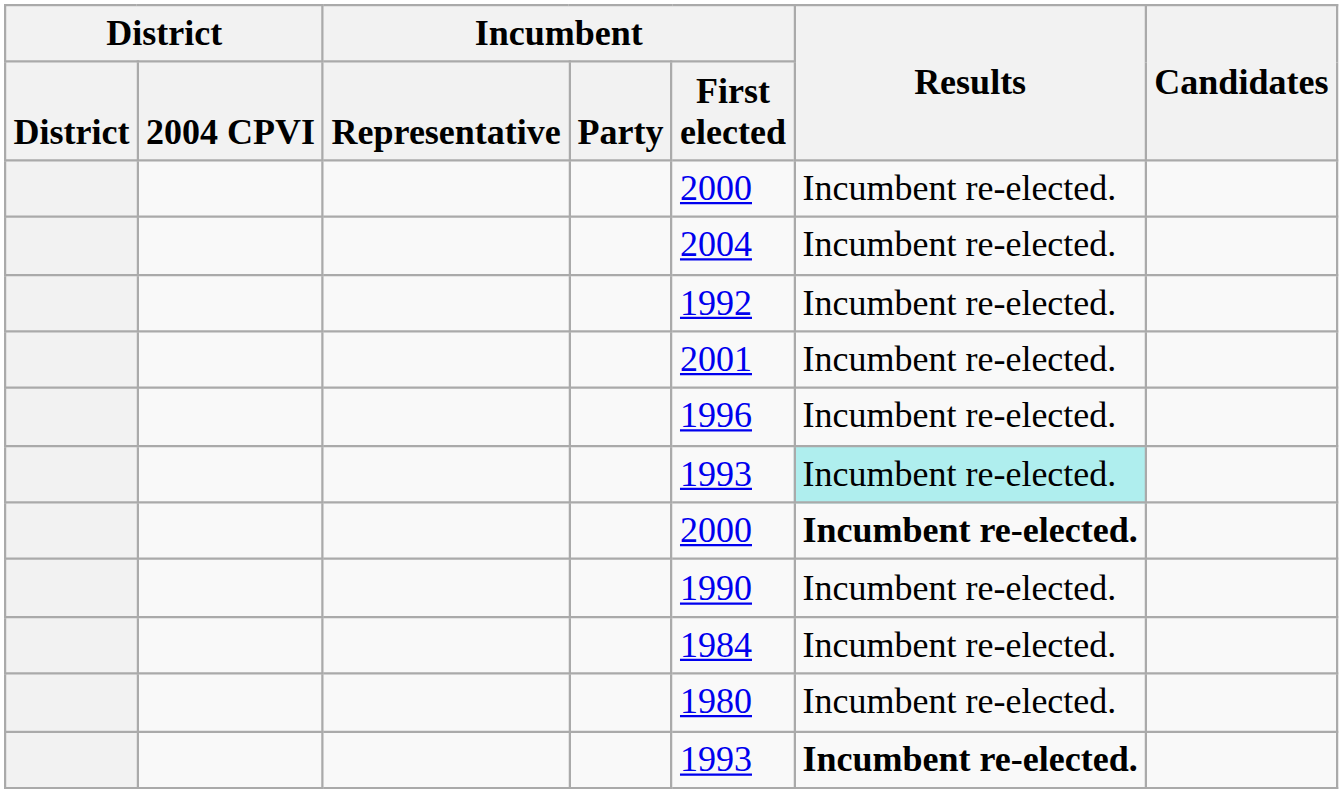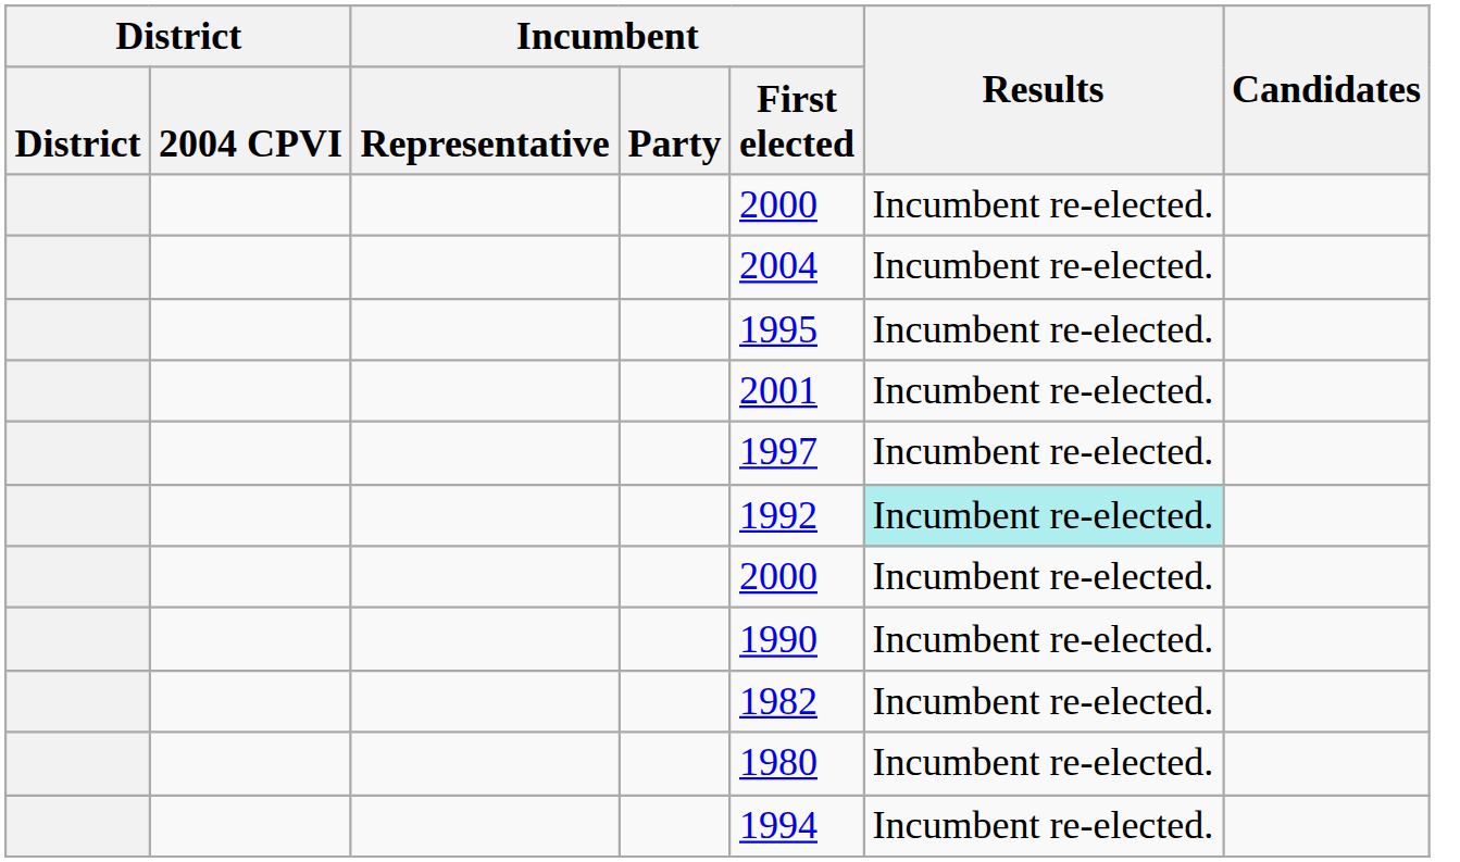 <table class="wikitable sortable">
 <tr>
 <th colspan=2>District</th>
 <th colspan=3>Incumbent</th>
 <th rowspan=2>Results</th>
 <th rowspan=2>Candidates</th>
 </tr>
 <tr valign=bottom>
 <th>District</th>
 <th>2004 CPVI</th>
 <th>Representative</th>
 <th>Party</th>
 <th>First<br>elected</th>
 </tr>
 <tr>
 <th></th>
 <td></td>
 <td></td>
 <td></td>
 <td><a href='#'>2000</a></td>
 <td>Incumbent re-elected.</td>
 <td nowrap></td>
 </tr>
 <tr>
 <th></th>
 <td></td>
 <td></td>
 <td></td>
 <td><a href='#'>2004</a></td>
 <td>Incumbent re-elected.</td>
 <td nowrap></td>
 </tr>
 <tr>
 <th></th>
 <td></td>
 <td></td>
 <td></td>
-<td><a href='#'>1992</a></td>
+<td><a href='#'>1995</a></td>
 <td>Incumbent re-elected.</td>
 <td nowrap></td>
 </tr>
 <tr>
 <th></th>
 <td></td>
 <td></td>
 <td></td>
 <td><a href='#'>2001 </a></td>
 <td>Incumbent re-elected.</td>
 <td nowrap></td>
 </tr>
 <tr>
 <th></th>
 <td></td>
 <td></td>
 <td></td>
-<td><a href='#'>1996</a></td>
+<td><a href='#'>1997</a></td>
 <td>Incumbent re-elected.</td>
 <td nowrap></td>
 </tr>
 <tr>
 <th></th>
 <td></td>
 <td></td>
 <td></td>
-<td><a href='#'>1993</a></td>
+<td><a href='#'>1992</a></td>
 <td style="background: paleturquoise;">Incumbent re-elected.</td>
 <td nowrap></td>
 </tr>
 <tr>
 <th></th>
 <td></td>
 <td></td>
 <td></td>
 <td><a href='#'>2000</a></td>
-<td><strong>Incumbent re-elected.</strong></td>
+<td>Incumbent re-elected.</td>
 <td nowrap></td>
 </tr>
 <tr>
 <th></th>
 <td></td>
 <td></td>
 <td></td>
 <td><a href='#'>1990</a></td>
 <td>Incumbent re-elected.</td>
 <td nowrap></td>
 </tr>
 <tr>
 <th></th>
 <td></td>
 <td></td>
 <td></td>
-<td><a href='#'>1984</a></td>
+<td><a href='#'>1982</a></td>
 <td>Incumbent re-elected.</td>
 <td nowrap></td>
 </tr>
 <tr>
 <th></th>
 <td></td>
 <td></td>
 <td></td>
 <td><a href='#'>1980</a></td>
 <td>Incumbent re-elected.</td>
 <td nowrap><br></td>
 </tr>
 <tr>
 <th></th>
 <td></td>
 <td></td>
 <td></td>
-<td><a href='#'>1993</a></td>
-<td><strong>Incumbent re-elected.</strong></td>
+<td><a href='#'>1994</a></td>
+<td>Incumbent re-elected.</td>
 <td nowrap></td>
 </tr>
 </table>
